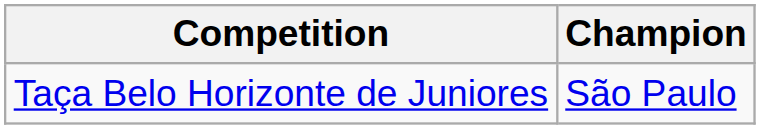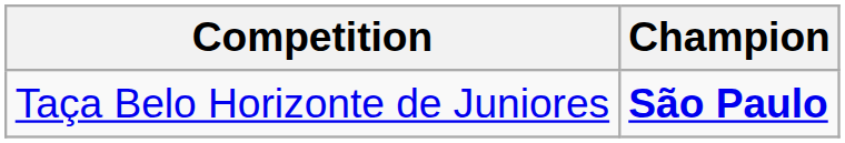 <table class="wikitable">
 <tr>
 <th>Competition</th>
 <th>Champion</th>
 </tr>
 <tr>
 <td><a href='#'>Taça Belo Horizonte de Juniores</a></td>
-<td><a href='#'>São Paulo</a></td>
+<td><strong><a href='#'>São Paulo</a></strong></td>
 </tr>
 </table>
